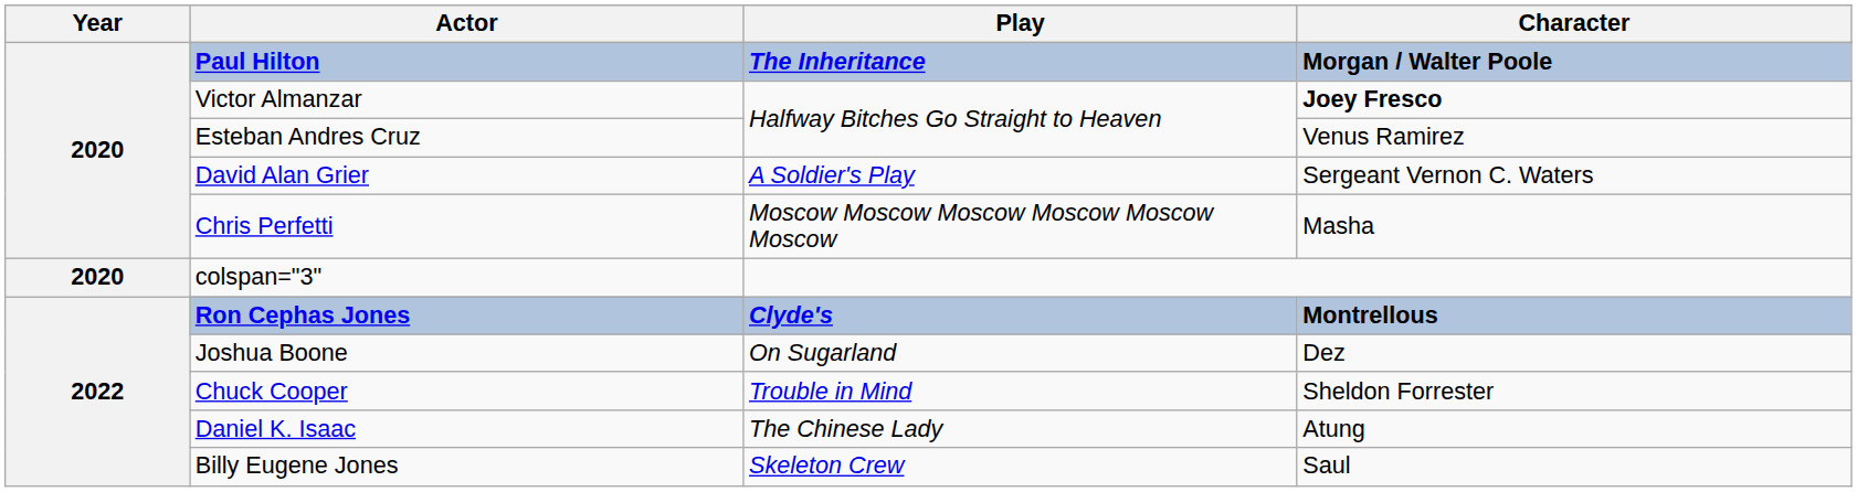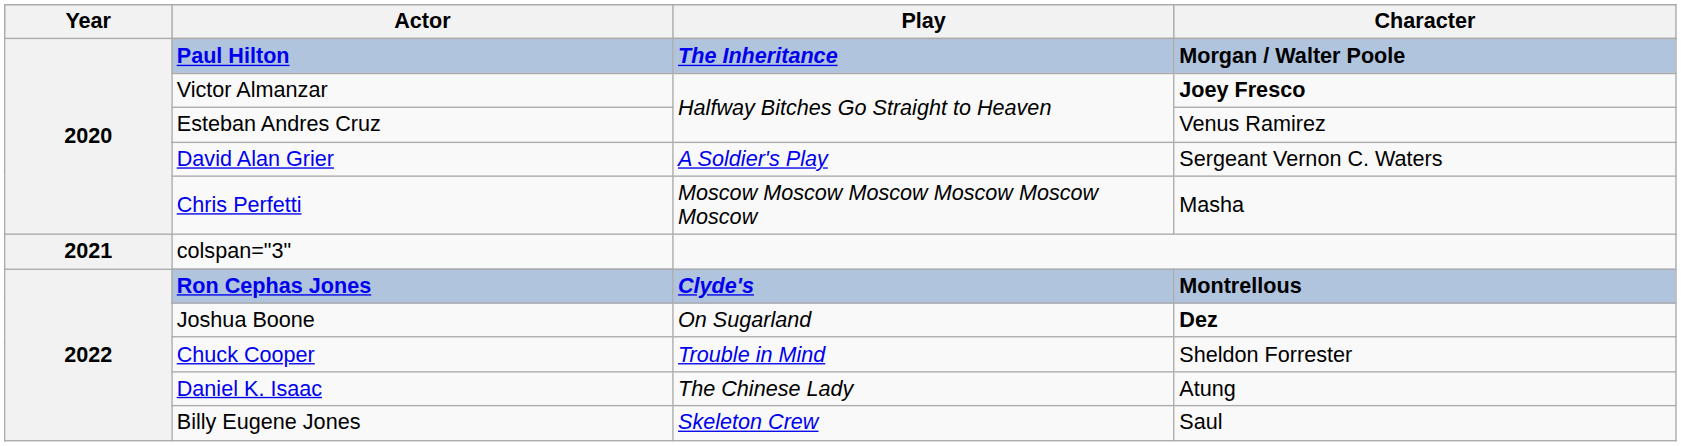 <table class="wikitable" style="width:98%;">
 <tr style="background:#bebebe;">
 <th style="width:10%;">Year</th>
 <th style="width:30%;">Actor</th>
 <th style="width:30%;">Play</th>
 <th style="width:30%;">Character</th>
 </tr>
 <tr>
 <th rowspan="6" align="center">2020</th>
 </tr>
 <tr style="background:#B0C4DE">
 <td><strong><a href='#'>Paul Hilton</a></strong></td>
 <td><strong><em><a href='#'>The Inheritance</a></em></strong></td>
 <td><strong>Morgan / Walter Poole</strong></td>
 </tr>
 <tr>
 <td>Victor Almanzar</td>
 <td rowspan="2"><em>Halfway Bitches Go Straight to Heaven</em></td>
 <td><strong>Joey Fresco</strong></td>
 </tr>
 <tr>
 <td>Esteban Andres Cruz</td>
 <td>Venus Ramirez</td>
 </tr>
 <tr>
 <td><a href='#'>David Alan Grier</a></td>
 <td><em><a href='#'>A Soldier's Play</a></em></td>
 <td>Sergeant Vernon C. Waters</td>
 </tr>
 <tr>
 <td><a href='#'>Chris Perfetti</a></td>
 <td><em>Moscow Moscow Moscow Moscow Moscow Moscow</em></td>
 <td>Masha</td>
 </tr>
 <tr>
-<th>2020</th>
+<th>2021</th>
 <td>colspan="3" </td>
 </tr>
 <tr>
 <th rowspan="6" align="center">2022</th>
 </tr>
 <tr style="background:#B0C4DE">
 <td><strong><a href='#'>Ron Cephas Jones</a></strong></td>
 <td><strong><em><a href='#'>Clyde's</a></em></strong></td>
 <td><strong>Montrellous</strong></td>
 </tr>
 <tr>
 <td>Joshua Boone</td>
 <td><em>On Sugarland</em></td>
-<td>Dez</td>
+<td><strong>Dez</strong></td>
 </tr>
 <tr>
 <td><a href='#'>Chuck Cooper</a></td>
 <td><em><a href='#'>Trouble in Mind</a></em></td>
 <td>Sheldon Forrester</td>
 </tr>
 <tr>
 <td><a href='#'>Daniel K. Isaac</a></td>
 <td><em>The Chinese Lady</em></td>
 <td>Atung</td>
 </tr>
 <tr>
 <td>Billy Eugene Jones</td>
 <td><em><a href='#'>Skeleton Crew</a></em></td>
 <td>Saul</td>
 </tr>
 </table>
